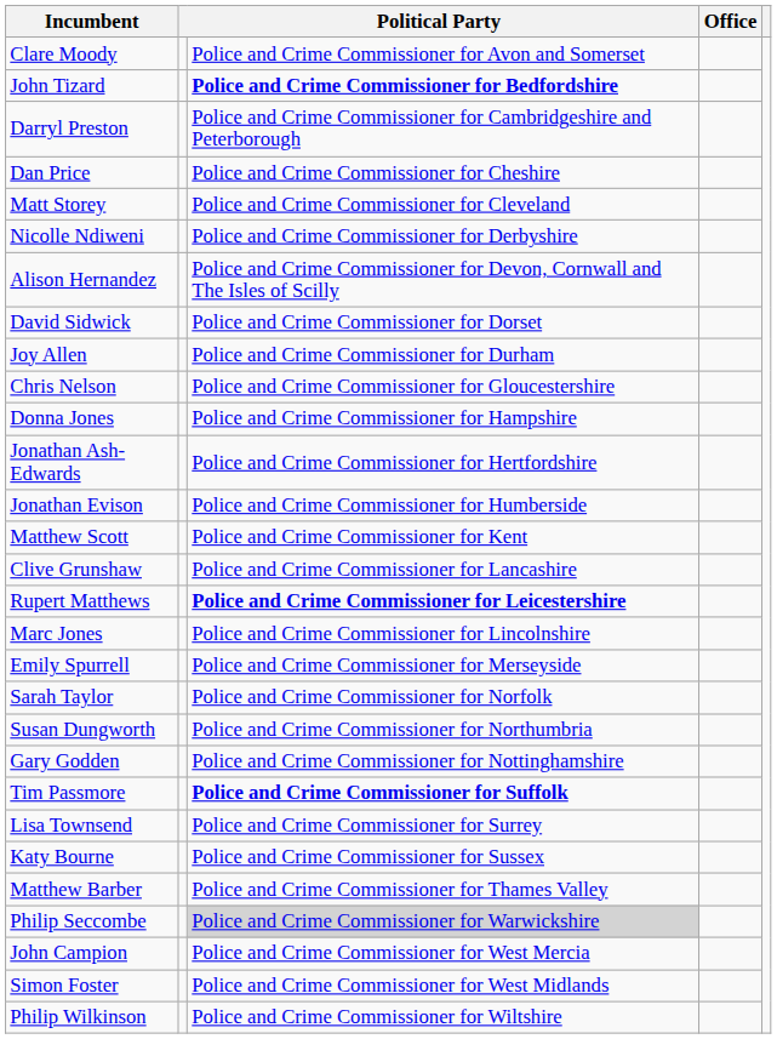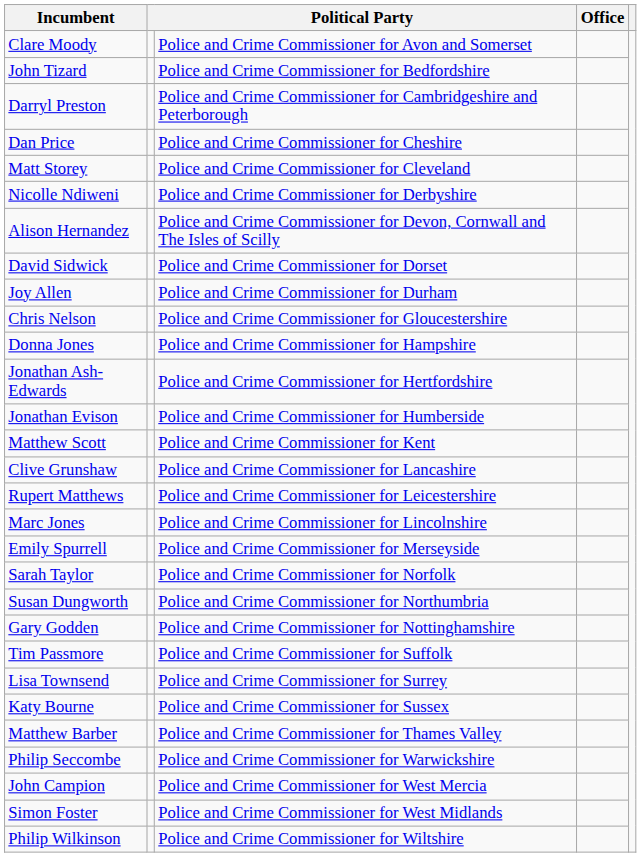 <table class="wikitable sortable">
 <tr>
 <th>Incumbent</th>
 <th colspan="2">Political Party</th>
 <th>Office</th>
 <th></th>
 </tr>
 <tr>
 <td><a href='#'>Clare Moody</a></td>
 <td></td>
 <td><a href='#'>Police and Crime Commissioner for Avon and Somerset</a></td>
 <td></td>
 </tr>
 <tr>
 <td><a href='#'>John Tizard</a></td>
 <td></td>
-<td><strong><a href='#'>Police and Crime Commissioner for Bedfordshire</a></strong></td>
+<td><a href='#'>Police and Crime Commissioner for Bedfordshire</a></td>
 <td></td>
 </tr>
 <tr>
 <td><a href='#'>Darryl Preston</a></td>
 <td></td>
 <td><a href='#'>Police and Crime Commissioner for Cambridgeshire and Peterborough</a></td>
 <td></td>
 </tr>
 <tr>
 <td><a href='#'>Dan Price</a></td>
 <td></td>
 <td><a href='#'>Police and Crime Commissioner for Cheshire</a></td>
 <td></td>
 </tr>
 <tr>
 <td><a href='#'>Matt Storey</a></td>
 <td></td>
 <td><a href='#'>Police and Crime Commissioner for Cleveland</a></td>
 <td></td>
 </tr>
 <tr>
 <td><a href='#'>Nicolle Ndiweni</a></td>
 <td></td>
 <td><a href='#'>Police and Crime Commissioner for Derbyshire</a></td>
 <td></td>
 </tr>
 <tr>
 <td><a href='#'>Alison Hernandez</a></td>
 <td></td>
 <td><a href='#'>Police and Crime Commissioner for Devon, Cornwall and The Isles of Scilly</a></td>
 <td></td>
 </tr>
 <tr>
 <td><a href='#'>David Sidwick</a></td>
 <td></td>
 <td><a href='#'>Police and Crime Commissioner for Dorset</a></td>
 <td></td>
 </tr>
 <tr>
 <td><a href='#'>Joy Allen</a></td>
 <td></td>
 <td><a href='#'>Police and Crime Commissioner for Durham</a></td>
 <td></td>
 </tr>
 <tr>
 <td><a href='#'>Chris Nelson</a></td>
 <td></td>
 <td><a href='#'>Police and Crime Commissioner for Gloucestershire</a></td>
 <td></td>
 </tr>
 <tr>
 <td><a href='#'>Donna Jones</a></td>
 <td></td>
 <td><a href='#'>Police and Crime Commissioner for Hampshire</a></td>
 <td></td>
 </tr>
 <tr>
 <td><a href='#'>Jonathan Ash-Edwards</a></td>
 <td></td>
 <td><a href='#'>Police and Crime Commissioner for Hertfordshire</a></td>
 <td></td>
 </tr>
 <tr>
 <td><a href='#'>Jonathan Evison</a></td>
 <td></td>
 <td><a href='#'>Police and Crime Commissioner for Humberside</a></td>
 <td></td>
 </tr>
 <tr>
 <td><a href='#'>Matthew Scott</a></td>
 <td></td>
 <td><a href='#'>Police and Crime Commissioner for Kent</a></td>
 <td></td>
 </tr>
 <tr>
 <td><a href='#'>Clive Grunshaw</a></td>
 <td></td>
 <td><a href='#'>Police and Crime Commissioner for Lancashire</a></td>
 <td></td>
 </tr>
 <tr>
 <td><a href='#'>Rupert Matthews</a></td>
 <td></td>
-<td><strong><a href='#'>Police and Crime Commissioner for Leicestershire</a></strong></td>
+<td><a href='#'>Police and Crime Commissioner for Leicestershire</a></td>
 <td></td>
 </tr>
 <tr>
 <td><a href='#'>Marc Jones</a></td>
 <td></td>
 <td><a href='#'>Police and Crime Commissioner for Lincolnshire</a></td>
 <td></td>
 </tr>
 <tr>
 <td><a href='#'>Emily Spurrell</a></td>
 <td></td>
 <td><a href='#'>Police and Crime Commissioner for Merseyside</a></td>
 <td></td>
 </tr>
 <tr>
 <td><a href='#'>Sarah Taylor</a></td>
 <td></td>
 <td><a href='#'>Police and Crime Commissioner for Norfolk</a></td>
 <td></td>
 </tr>
 <tr>
 <td><a href='#'>Susan Dungworth</a></td>
 <td></td>
 <td><a href='#'>Police and Crime Commissioner for Northumbria</a></td>
 <td></td>
 </tr>
 <tr>
 <td><a href='#'>Gary Godden</a></td>
 <td></td>
 <td><a href='#'>Police and Crime Commissioner for Nottinghamshire</a></td>
 <td></td>
 </tr>
 <tr>
 <td><a href='#'>Tim Passmore</a></td>
 <td></td>
-<td><strong><a href='#'>Police and Crime Commissioner for Suffolk</a></strong></td>
+<td><a href='#'>Police and Crime Commissioner for Suffolk</a></td>
 <td></td>
 </tr>
 <tr>
 <td><a href='#'>Lisa Townsend</a></td>
 <td></td>
 <td><a href='#'>Police and Crime Commissioner for Surrey</a></td>
 <td></td>
 </tr>
 <tr>
 <td><a href='#'>Katy Bourne</a></td>
 <td></td>
 <td><a href='#'>Police and Crime Commissioner for Sussex</a></td>
 <td></td>
 </tr>
 <tr>
 <td><a href='#'>Matthew Barber</a></td>
 <td></td>
 <td><a href='#'>Police and Crime Commissioner for Thames Valley</a></td>
 <td></td>
 </tr>
 <tr>
 <td><a href='#'>Philip Seccombe</a></td>
 <td></td>
-<td style="background: lightgrey;"><a href='#'>Police and Crime Commissioner for Warwickshire</a></td>
+<td><a href='#'>Police and Crime Commissioner for Warwickshire</a></td>
 <td></td>
 </tr>
 <tr>
 <td><a href='#'>John Campion</a></td>
 <td></td>
 <td><a href='#'>Police and Crime Commissioner for West Mercia</a></td>
 <td></td>
 </tr>
 <tr>
 <td><a href='#'>Simon Foster</a></td>
 <td></td>
 <td><a href='#'>Police and Crime Commissioner for West Midlands</a></td>
 <td></td>
 </tr>
 <tr>
 <td><a href='#'>Philip Wilkinson</a></td>
 <td></td>
 <td><a href='#'>Police and Crime Commissioner for Wiltshire</a></td>
 <td></td>
 </tr>
 </table>
